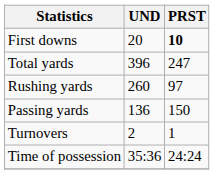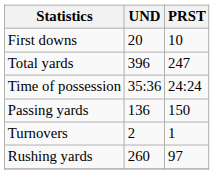 <table class="wikitable" style="float: left;">
 <tr>
 <th>Statistics</th>
 <th>UND</th>
 <th>PRST</th>
 </tr>
 <tr>
 <td>First downs</td>
 <td>20</td>
-<td><strong>10</strong></td>
+<td>10</td>
 </tr>
 <tr>
 <td>Total yards</td>
 <td>396</td>
 <td>247</td>
 </tr>
 <tr>
-<td>Rushing yards</td>
-<td>260</td>
-<td>97</td>
+<td>Time of possession</td>
+<td>35:36</td>
+<td>24:24</td>
 </tr>
 <tr>
 <td>Passing yards</td>
 <td>136</td>
 <td>150</td>
 </tr>
 <tr>
 <td>Turnovers</td>
 <td>2</td>
 <td>1</td>
 </tr>
 <tr>
-<td>Time of possession</td>
-<td>35:36</td>
-<td>24:24</td>
+<td>Rushing yards</td>
+<td>260</td>
+<td>97</td>
 </tr>
 <tr>
 </tr>
 </table>
